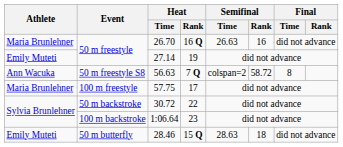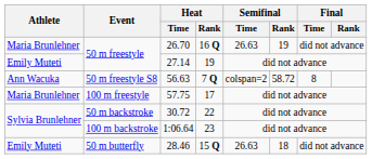 <table class=wikitable style=font-size:90%>
 <tr>
 <th rowspan=2>Athlete</th>
 <th rowspan=2>Event</th>
 <th colspan=2>Heat</th>
 <th colspan=2>Semifinal</th>
 <th colspan=2>Final</th>
 </tr>
 <tr style=font-size:95%>
 <th>Time</th>
 <th>Rank</th>
 <th>Time</th>
 <th>Rank</th>
 <th>Time</th>
 <th>Rank</th>
 </tr>
 <tr align=center>
 <td align=left><a href='#'>Maria Brunlehner</a></td>
 <td align=left rowspan=2><a href='#'>50 m freestyle</a></td>
 <td>26.70</td>
 <td>16 <strong>Q</strong></td>
 <td>26.63</td>
-<td>16</td>
+<td>19</td>
 <td colspan=2>did not advance</td>
 </tr>
 <tr align=center>
 <td align=left><a href='#'>Emily Muteti</a></td>
 <td>27.14</td>
 <td>19</td>
 <td colspan=4>did not advance</td>
 </tr>
 <tr align=center>
 <td align=left><a href='#'>Ann Wacuka</a></td>
 <td align=left><a href='#'>50 m freestyle S8</a></td>
 <td>56.63</td>
 <td>7 <strong>Q</strong></td>
 <td>colspan=2 </td>
 <td>58.72</td>
 <td>8</td>
 </tr>
 <tr align=center>
 <td align=left><a href='#'>Maria Brunlehner</a></td>
 <td align=left><a href='#'>100 m freestyle</a></td>
 <td>57.75</td>
 <td>17</td>
 <td colspan=4>did not advance</td>
 </tr>
 <tr align=center>
 <td align=left rowspan=2><a href='#'>Sylvia Brunlehner</a></td>
 <td align=left><a href='#'>50 m backstroke</a></td>
 <td>30.72</td>
 <td>22</td>
 <td colspan=4>did not advance</td>
 </tr>
 <tr align=center>
 <td align=left><a href='#'>100 m backstroke</a></td>
 <td>1:06.64</td>
 <td>23</td>
 <td colspan=4>did not advance</td>
 </tr>
 <tr align=center>
 <td align=left><a href='#'>Emily Muteti</a></td>
 <td align=left><a href='#'>50 m butterfly</a></td>
 <td>28.46</td>
 <td>15 <strong>Q</strong></td>
-<td>28.63</td>
+<td>26.63</td>
 <td>18</td>
 <td colspan=2>did not advance</td>
 </tr>
 </table>
